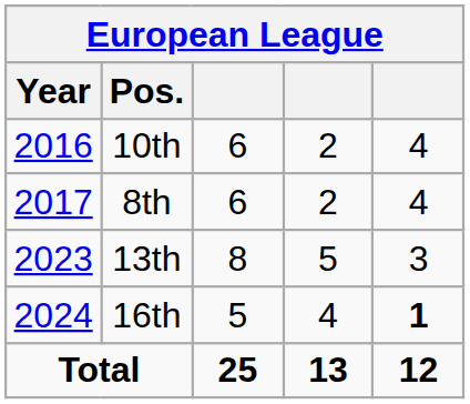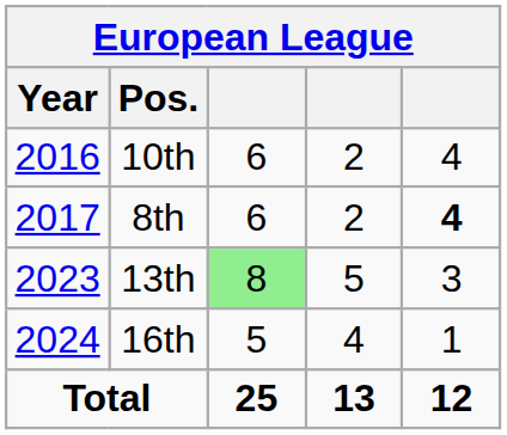 <table class="wikitable" style="text-align: center;font-size:90%;">
 <tr>
 <th colspan=5><a href='#'>European League</a></th>
 </tr>
 <tr>
 <th>Year</th>
 <th>Pos.</th>
 <th width=30></th>
 <th width=30></th>
 <th width=30></th>
 </tr>
 <tr>
 <td> <a href='#'>2016</a></td>
 <td>10th</td>
 <td>6</td>
 <td>2</td>
 <td>4</td>
 </tr>
 <tr>
 <td> <a href='#'>2017</a></td>
 <td>8th</td>
 <td>6</td>
 <td>2</td>
-<td>4</td>
+<td><strong>4</strong></td>
 </tr>
 <tr>
 <td> <a href='#'>2023</a></td>
 <td>13th</td>
-<td>8</td>
+<td style="background: lightgreen;">8</td>
 <td>5</td>
 <td>3</td>
 </tr>
 <tr>
 <td> <a href='#'>2024</a></td>
 <td>16th</td>
 <td>5</td>
 <td>4</td>
-<td><strong>1</strong></td>
+<td>1</td>
 </tr>
 <tr>
 <td colspan=2><strong>Total</strong></td>
 <td><strong>25</strong></td>
 <td><strong>13</strong></td>
 <td><strong>12</strong></td>
 </tr>
 </table>
